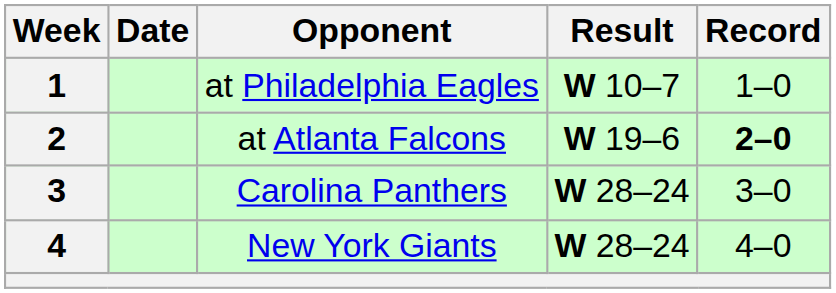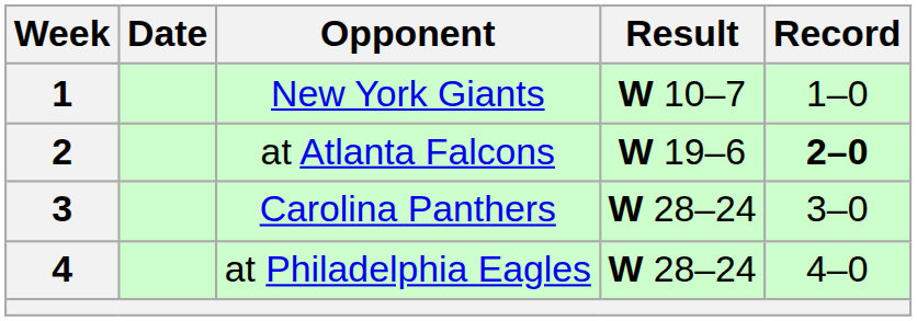 <table class="wikitable" style="text-align:center">
 <tr>
 <th>Week</th>
 <th>Date</th>
 <th>Opponent</th>
 <th>Result</th>
 <th>Record</th>
 </tr>
 <tr style="background:#cfc">
 <th>1</th>
 <td></td>
-<td>at <a href='#'>Philadelphia Eagles</a></td>
+<td><a href='#'>New York Giants</a></td>
 <td><strong>W</strong> 10–7</td>
 <td>1–0</td>
 </tr>
 <tr style="background:#cfc">
 <th>2</th>
 <td></td>
 <td>at <a href='#'>Atlanta Falcons</a></td>
 <td><strong>W</strong> 19–6</td>
 <td><strong>2–0</strong></td>
 </tr>
 <tr style="background:#cfc">
 <th>3</th>
 <td></td>
 <td><a href='#'>Carolina Panthers</a></td>
 <td><strong>W</strong> 28–24</td>
 <td>3–0</td>
 </tr>
 <tr style="background:#cfc">
 <th>4</th>
 <td></td>
-<td><a href='#'>New York Giants</a></td>
+<td>at <a href='#'>Philadelphia Eagles</a></td>
 <td><strong>W</strong> 28–24</td>
 <td>4–0</td>
 </tr>
 <tr>
 <th colspan="5"></th>
 </tr>
 </table>
